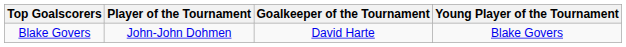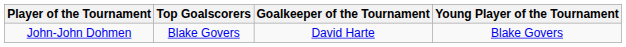 <table class=wikitable style="margin:auto; text-align:center">
 <tr>
+<th>Player of the Tournament</th>
 <th>Top Goalscorers</th>
-<th>Player of the Tournament</th>
 <th>Goalkeeper of the Tournament</th>
 <th>Young Player of the Tournament</th>
 </tr>
 <tr>
+<td> <a href='#'>John-John Dohmen</a></td>
 <td> <a href='#'>Blake Govers</a></td>
-<td> <a href='#'>John-John Dohmen</a></td>
 <td> <a href='#'>David Harte</a></td>
 <td> <a href='#'>Blake Govers</a></td>
 </tr>
 </table>
